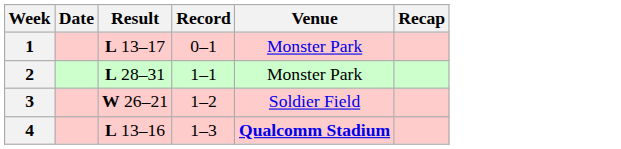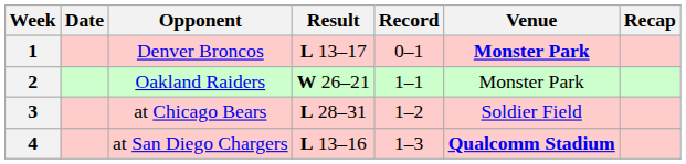 <table class="wikitable" style="text-align:center">
 <tr>
 <th>Week</th>
 <th>Date</th>
+<th>Opponent</th>
 <th>Result</th>
 <th>Record</th>
 <th>Venue</th>
 <th>Recap</th>
 </tr>
 <tr style="background:#fcc">
 <th>1</th>
 <td></td>
+<td><a href='#'>Denver Broncos</a></td>
 <td><strong>L</strong> 13–17</td>
 <td>0–1</td>
-<td><a href='#'>Monster Park</a></td>
+<td><strong><a href='#'>Monster Park</a></strong></td>
 <td></td>
 </tr>
 <tr bgcolor="ccffcc">
 <th>2</th>
 <td></td>
-<td><strong>L</strong> 28–31</td>
+<td><a href='#'>Oakland Raiders</a></td>
+<td><strong>W</strong> 26–21</td>
 <td>1–1</td>
 <td>Monster Park</td>
 <td></td>
 </tr>
 <tr bgcolor="ffcccc">
 <th>3</th>
 <td></td>
-<td><strong>W</strong> 26–21</td>
+<td>at <a href='#'>Chicago Bears</a></td>
+<td><strong>L</strong> 28–31</td>
 <td>1–2</td>
 <td><a href='#'>Soldier Field</a></td>
 <td></td>
 </tr>
 <tr bgcolor="ffcccc">
 <th>4</th>
 <td></td>
+<td>at <a href='#'>San Diego Chargers</a></td>
 <td><strong>L</strong> 13–16</td>
 <td>1–3</td>
 <td><strong><a href='#'>Qualcomm Stadium</a></strong></td>
 <td></td>
 </tr>
 </table>
